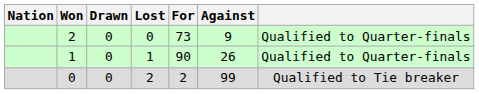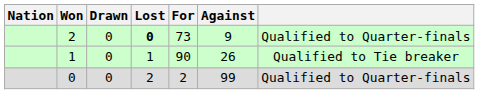 <table class="wikitable" style="text-align: center;">
 <tr>
 <th>Nation</th>
 <th>Won</th>
 <th>Drawn</th>
 <th>Lost</th>
 <th>For</th>
 <th>Against</th>
 <th></th>
 </tr>
 <tr bgcolor="#ccffcc">
 <td align="left"></td>
 <td>2</td>
 <td>0</td>
-<td>0</td>
+<td><strong>0</strong></td>
 <td>73</td>
 <td>9</td>
 <td>Qualified to Quarter-finals</td>
 </tr>
 <tr bgcolor="#ccffcc">
 <td align="left"></td>
 <td>1</td>
 <td>0</td>
 <td>1</td>
 <td>90</td>
 <td>26</td>
-<td>Qualified to Quarter-finals</td>
+<td>Qualified to Tie breaker</td>
 </tr>
 <tr bgcolor="DCDCDC">
 <td align="left"></td>
 <td>0</td>
 <td>0</td>
 <td>2</td>
 <td>2</td>
 <td>99</td>
-<td>Qualified to Tie breaker</td>
+<td>Qualified to Quarter-finals</td>
 </tr>
 </table>
